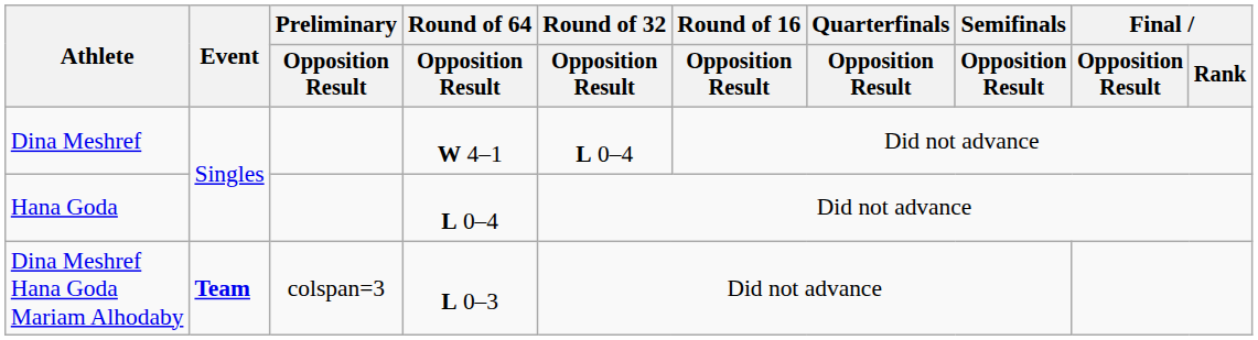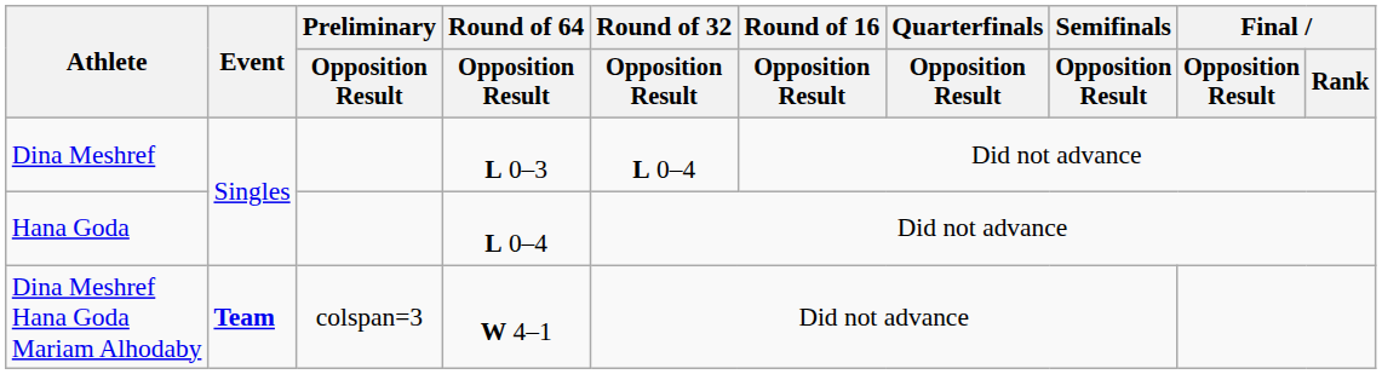 <table class=wikitable style=font-size:90%;text-align:center>
 <tr>
 <th rowspan=2>Athlete</th>
 <th rowspan=2>Event</th>
 <th>Preliminary</th>
 <th>Round of 64</th>
 <th>Round of 32</th>
 <th>Round of 16</th>
 <th>Quarterfinals</th>
 <th>Semifinals</th>
 <th colspan=2>Final / </th>
 </tr>
 <tr style=font-size:95%>
 <th>Opposition<br>Result</th>
 <th>Opposition<br>Result</th>
 <th>Opposition<br>Result</th>
 <th>Opposition<br>Result</th>
 <th>Opposition<br>Result</th>
 <th>Opposition<br>Result</th>
 <th>Opposition<br>Result</th>
 <th>Rank</th>
 </tr>
 <tr>
 <td align=left><a href='#'>Dina Meshref</a></td>
 <td align=left rowspan=2><a href='#'>Singles</a></td>
 <td></td>
-<td><br><strong>W</strong> 4–1</td>
+<td><br> <strong>L</strong> 0–3</td>
 <td><br><strong>L</strong> 0–4</td>
 <td colspan="5">Did not advance</td>
 </tr>
 <tr align=center>
 <td align=left><a href='#'>Hana Goda</a></td>
 <td></td>
 <td><br><strong>L</strong> 0–4</td>
 <td colspan="6">Did not advance</td>
 </tr>
 <tr>
 <td align=left><a href='#'>Dina Meshref</a><br><a href='#'>Hana Goda</a><br><a href='#'>Mariam Alhodaby</a></td>
 <td align=left><strong><a href='#'>Team</a></strong></td>
 <td>colspan=3 </td>
-<td><br> <strong>L</strong> 0–3</td>
+<td><br><strong>W</strong> 4–1</td>
 <td colspan="4">Did not advance</td>
 </tr>
 </table>
